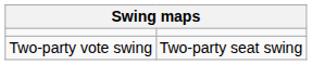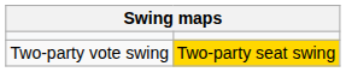 <table class="wikitable" style="margin:auto; font-size:85%; text-align:center;">
 <tr>
 <th colspan="3">Swing maps</th>
 </tr>
 <tr bgcolor=#f8f9fa>
 <td></td>
 <td></td>
 </tr>
 <tr>
 <td>Two-party vote swing</td>
-<td>Two-party seat swing</td>
+<td style="background: gold;">Two-party seat swing</td>
 </tr>
 </table>
